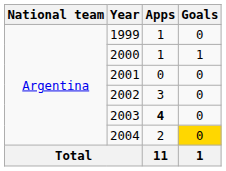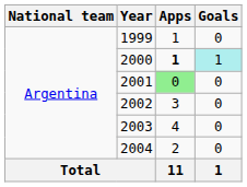 <table class="wikitable" style="text-align:center">
 <tr>
 <th>National team</th>
 <th>Year</th>
 <th>Apps</th>
 <th>Goals</th>
 </tr>
 <tr>
 <td rowspan="6"><a href='#'>Argentina</a></td>
 <td>1999</td>
 <td>1</td>
 <td>0</td>
 </tr>
 <tr>
 <td>2000</td>
-<td>1</td>
-<td>1</td>
+<td><strong>1</strong></td>
+<td style="background: paleturquoise;">1</td>
 </tr>
 <tr>
 <td>2001</td>
-<td>0</td>
+<td style="background: lightgreen;">0</td>
 <td>0</td>
 </tr>
 <tr>
 <td>2002</td>
 <td>3</td>
 <td>0</td>
 </tr>
 <tr>
 <td>2003</td>
-<td><strong>4</strong></td>
+<td>4</td>
 <td>0</td>
 </tr>
 <tr>
 <td>2004</td>
 <td>2</td>
-<td style="background: gold;">0</td>
+<td>0</td>
 </tr>
 <tr>
 <th colspan="2">Total</th>
 <th>11</th>
 <th>1</th>
 </tr>
 </table>
